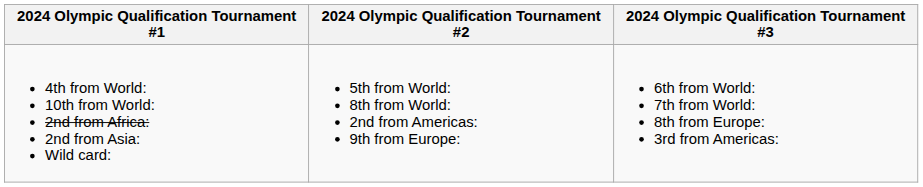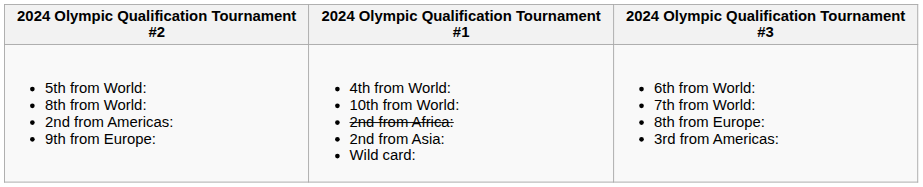 <table class="wikitable">
 <tr>
+<th style="width: 320px;">2024 Olympic Qualification Tournament #2</th>
 <th style="width: 320px;">2024 Olympic Qualification Tournament #1</th>
-<th style="width: 320px;">2024 Olympic Qualification Tournament #2</th>
 <th style="width: 320px;">2024 Olympic Qualification Tournament #3</th>
 </tr>
 <tr style="vertical-align: top;">
+<td><br><ul><li>5th from World: </li><li>8th from World: </li><li>2nd from Americas: </li><li>9th from Europe: </li></ul></td>
 <td><br><ul><li>4th from World: </li><li>10th from World: </li><li><s>2nd from Africa: </s></li><li>2nd from Asia: </li><li>Wild card: </li></ul></td>
-<td><br><ul><li>5th from World: </li><li>8th from World: </li><li>2nd from Americas: </li><li>9th from Europe: </li></ul></td>
 <td><br><ul><li>6th from World: </li><li>7th from World: </li><li>8th from Europe: </li><li>3rd from Americas: </li></ul></td>
 </tr>
 </table>
